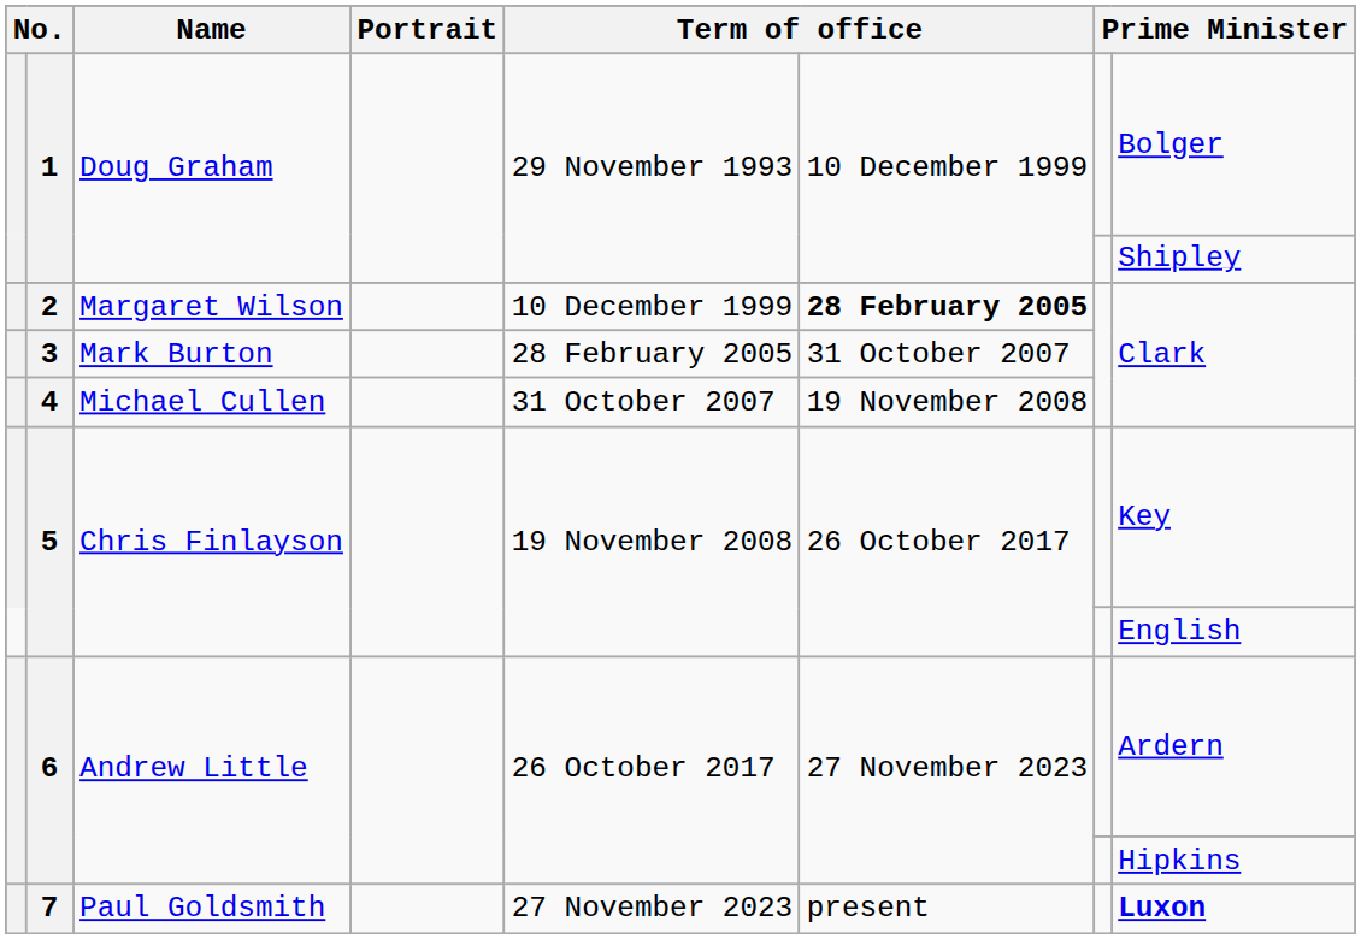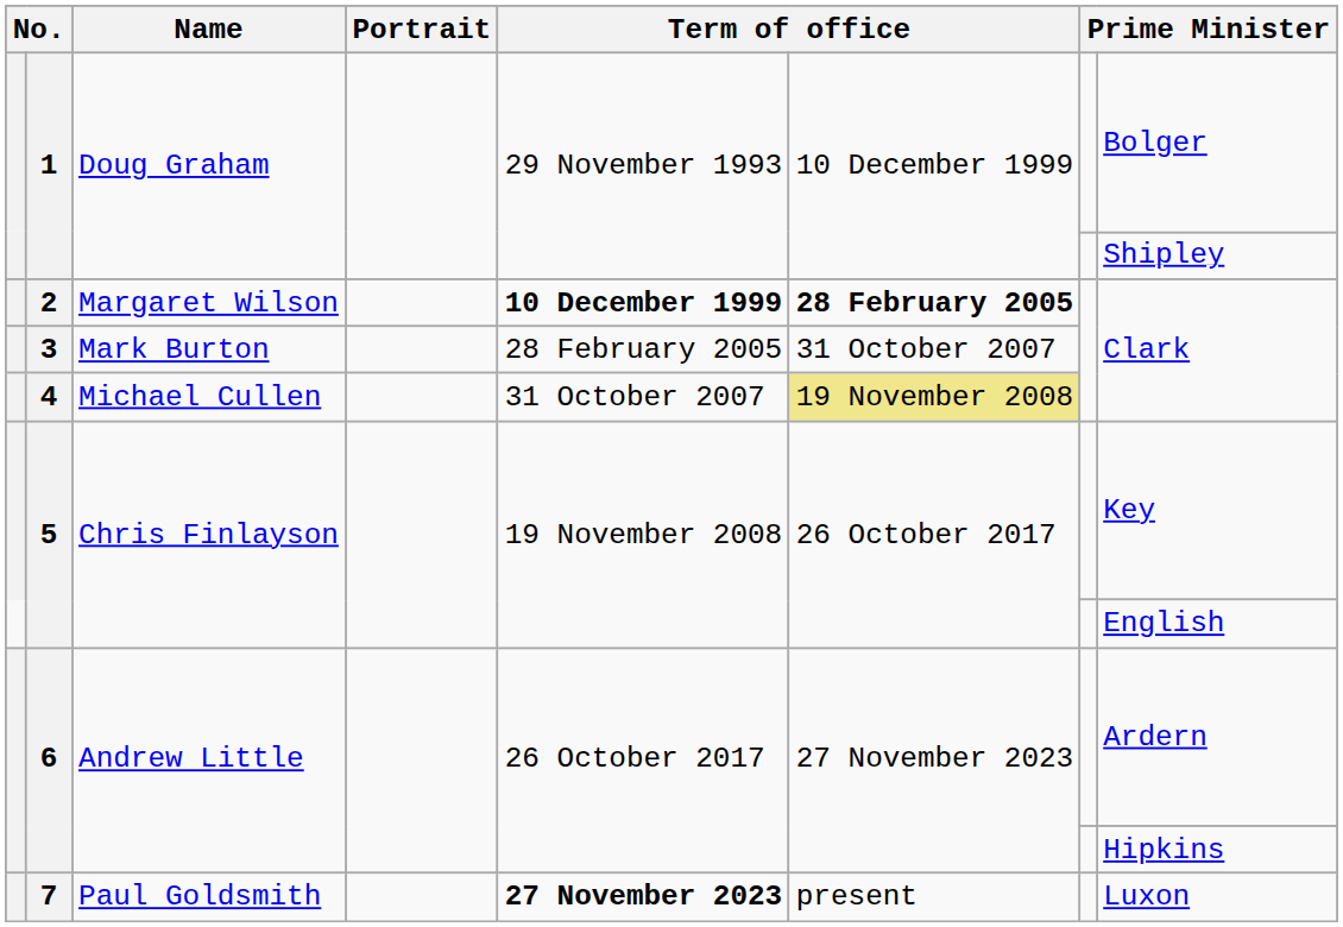 <table class="wikitable">
 <tr>
 <th colspan=2>No.</th>
 <th>Name</th>
 <th>Portrait</th>
 <th colspan=2>Term of office</th>
 <th colspan=2>Prime Minister</th>
 </tr>
 <tr>
 <th height=75 style="border-bottom:solid 0 grey; background:"></th>
 <th rowspan=2>1</th>
 <td rowspan=2><a href='#'>Doug Graham</a></td>
 <td rowspan=2></td>
 <td rowspan=2>29 November 1993</td>
 <td rowspan=2>10 December 1999</td>
 <td width=1 style="border-top:solid 0 grey; background:"></td>
 <td><a href='#'>Bolger</a></td>
 </tr>
 <tr>
 <th height=15 style="border-top:solid 0 grey; background:"></th>
 <td style="border-bottom:solid 0 grey; background:"></td>
 <td><a href='#'>Shipley</a></td>
 </tr>
 <tr>
 <th style="color:inherit;background:"></th>
 <th>2</th>
 <td><a href='#'>Margaret Wilson</a></td>
 <td></td>
-<td>10 December 1999</td>
+<td><strong>10 December 1999</strong></td>
 <td><strong>28 February 2005</strong></td>
 <td rowspan=3 style="color:inherit;background:"></td>
 <td rowspan=3><a href='#'>Clark</a></td>
 </tr>
 <tr>
 <th style="color:inherit;background:"></th>
 <th>3</th>
 <td><a href='#'>Mark Burton</a></td>
 <td></td>
 <td>28 February 2005</td>
 <td>31 October 2007</td>
 </tr>
 <tr>
 <th style="color:inherit;background:"></th>
 <th>4</th>
 <td><a href='#'>Michael Cullen</a></td>
 <td></td>
 <td>31 October 2007</td>
-<td>19 November 2008</td>
+<td style="background: khaki;">19 November 2008</td>
 </tr>
 <tr>
 <th height=75 style="border-bottom:solid 0 grey; background:"></th>
 <th rowspan=2>5</th>
 <td rowspan=2><a href='#'>Chris Finlayson</a></td>
 <td rowspan=2></td>
 <td rowspan=2>19 November 2008</td>
 <td rowspan=2>26 October 2017</td>
 <td style="border-top:solid 0 grey; background:"></td>
 <td><a href='#'>Key</a></td>
 </tr>
 <tr>
 <td height=15 style="border-top:solid 0 grey; background:"></td>
 <td style="color:inherit;background:"></td>
 <td><a href='#'>English</a></td>
 </tr>
 <tr>
 <th height=75 style="border-bottom:solid 0 grey; background:"></th>
 <th rowspan="2">6</th>
 <td rowspan="2"><a href='#'>Andrew Little</a></td>
 <td rowspan="2"></td>
 <td rowspan="2">26 October 2017</td>
 <td rowspan="2">27 November 2023</td>
 <td style="color:inherit;background:"></td>
 <td><a href='#'>Ardern</a></td>
 </tr>
 <tr>
 <th style="border-top:solid 0 grey; background:"></th>
 <td style="color:inherit;background:"></td>
 <td><a href='#'>Hipkins</a></td>
 </tr>
 <tr>
 <th style="color:inherit;background:"></th>
 <th>7</th>
 <td><a href='#'>Paul Goldsmith</a></td>
 <td></td>
-<td>27 November 2023</td>
+<td><strong>27 November 2023</strong></td>
 <td>present</td>
 <td style="color:inherit;background:"></td>
-<td><strong><a href='#'>Luxon</a></strong></td>
+<td><a href='#'>Luxon</a></td>
 </tr>
 </table>
